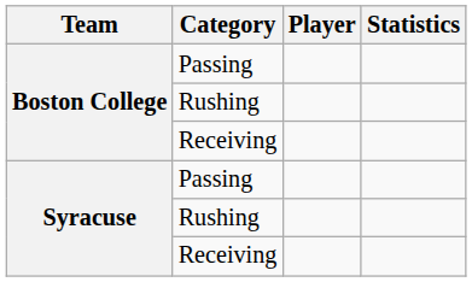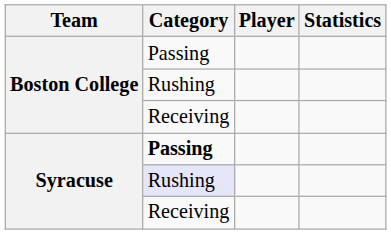 <table class="wikitable" style="float:right">
 <tr>
 <th>Team</th>
 <th>Category</th>
 <th>Player</th>
 <th>Statistics</th>
 </tr>
 <tr>
 <th rowspan=3>Boston College</th>
 <td>Passing</td>
 <td></td>
 <td></td>
 </tr>
 <tr>
 <td>Rushing</td>
 <td></td>
 <td></td>
 </tr>
 <tr>
 <td>Receiving</td>
 <td></td>
 <td></td>
 </tr>
 <tr>
 <th rowspan=3>Syracuse</th>
-<td>Passing</td>
+<td><strong>Passing</strong></td>
 <td></td>
 <td></td>
 </tr>
 <tr>
-<td>Rushing</td>
+<td style="background: lavender;">Rushing</td>
 <td></td>
 <td></td>
 </tr>
 <tr>
 <td>Receiving</td>
 <td></td>
 <td></td>
 </tr>
 </table>
